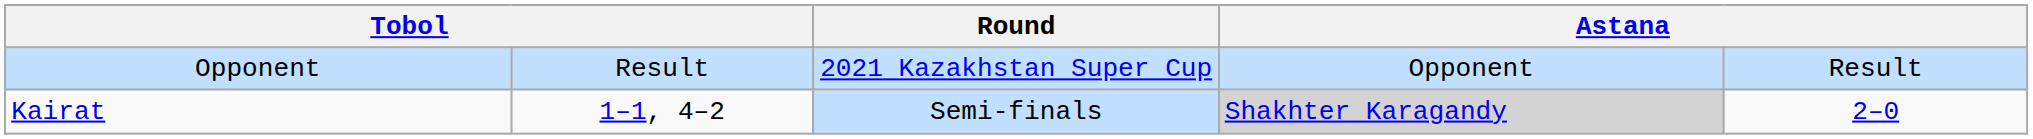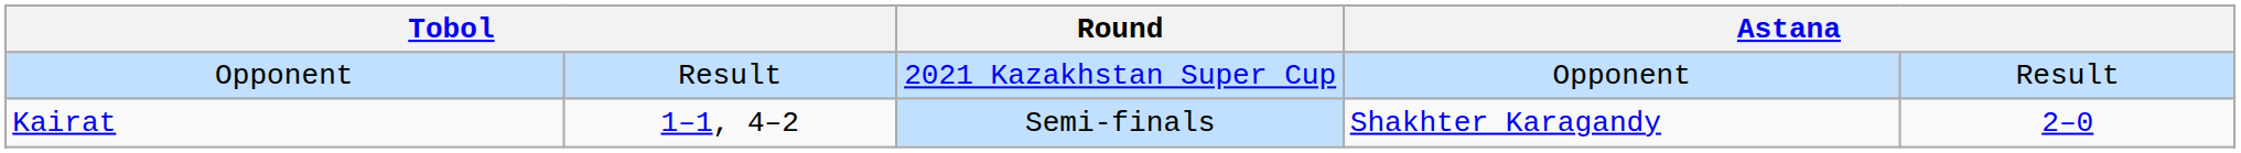 <table class="wikitable" style="text-align:center; white-space:nowrap;">
 <tr>
 <th colspan="2"><a href='#'>Tobol</a></th>
 <th>Round</th>
 <th colspan="2"><a href='#'>Astana</a></th>
 </tr>
 <tr style="background:#C1E0FF;">
 <td style="width:25%;">Opponent</td>
 <td style="width:15%;">Result</td>
 <td><a href='#'>2021 Kazakhstan Super Cup</a></td>
 <td style="width:25%;">Opponent</td>
 <td style="width:15%;">Result</td>
 </tr>
 <tr>
 <td style="text-align:left;"><a href='#'>Kairat</a></td>
 <td><a href='#'>1–1</a>, 4–2 </td>
 <td style="background:#C1E0FF;">Semi-finals</td>
-<td style="background: lightgrey; text-align:left;"><a href='#'>Shakhter Karagandy</a></td>
+<td style="text-align:left;"><a href='#'>Shakhter Karagandy</a></td>
 <td><a href='#'>2–0</a></td>
 </tr>
 </table>
